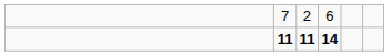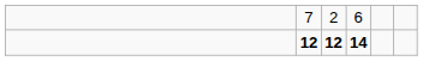 <table class="wikitable">
 <tr>
 <td style="width:18em"></td>
 <td align=center style="width:1em">7</td>
 <td align=center style="width:1em">2</td>
 <td align=center style="width:1em">6</td>
 <td align=center style="width:1em"></td>
 <td align=center style="width:1em"></td>
 </tr>
 <tr>
 <td style="width:18em"><strong></strong></td>
-<td align=center style="width:1em"><strong>11</strong></td>
-<td align=center style="width:1em"><strong>11</strong></td>
+<td align=center style="width:1em"><strong>12</strong></td>
+<td align=center style="width:1em"><strong>12</strong></td>
 <td align=center style="width:1em"><strong>14</strong></td>
 <td align=center style="width:1em"></td>
 <td align=center style="width:1em"></td>
 </tr>
 </table>
